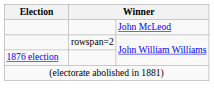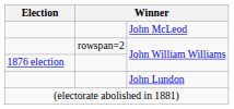 <table class=wikitable>
 <tr>
 <th width=100>Election</th>
 <th width=175 colspan=2>Winner</th>
 </tr>
 <tr>
 <td></td>
 <td></td>
 <td><a href='#'>John McLeod</a></td>
 </tr>
 <tr>
 <td></td>
 <td>rowspan=2 </td>
 <td rowspan=2><a href='#'>John William Williams</a></td>
 </tr>
 <tr>
 <td><a href='#'>1876 election</a></td>
 </tr>
 <tr>
+<td></td>
+<td></td>
+<td><a href='#'>John Lundon</a></td>
+</tr>
+<tr>
 <td colspan=3 align=center><span>(electorate abolished in 1881)</span></td>
 </tr>
 </table>
